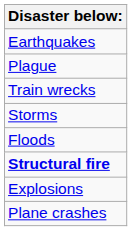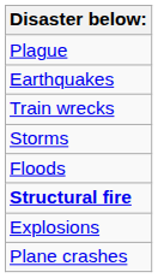 <table class="wikitable">
 <tr>
 <th>Disaster below:</th>
 </tr>
 <tr>
-<td><a href='#'>Earthquakes</a></td>
+<td><a href='#'>Plague</a></td>
 </tr>
 <tr>
-<td><a href='#'>Plague</a></td>
+<td><a href='#'>Earthquakes</a></td>
 </tr>
 <tr>
 <td><a href='#'>Train wrecks</a></td>
 </tr>
 <tr>
 <td><a href='#'>Storms</a></td>
 </tr>
 <tr>
 <td><a href='#'>Floods</a></td>
 </tr>
 <tr>
 <td><strong><a href='#'>Structural fire</a></strong></td>
 </tr>
 <tr>
 <td><a href='#'>Explosions</a></td>
 </tr>
 <tr>
 <td><a href='#'>Plane crashes</a></td>
 </tr>
 </table>
